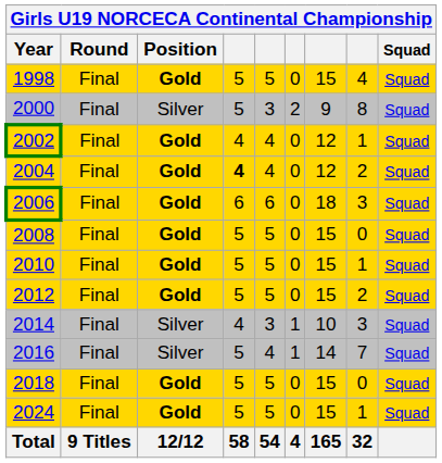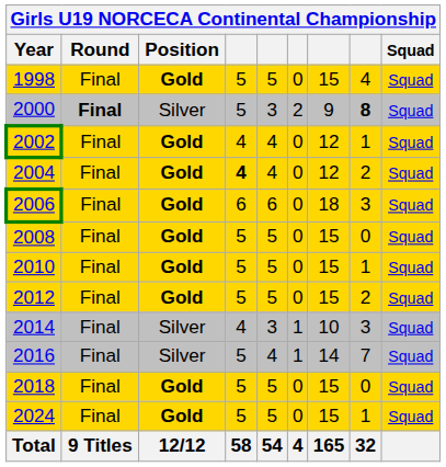 <table class="wikitable" style="text-align: center;">
 <tr>
 <th colspan=9><a href='#'>Girls U19 NORCECA Continental Championship</a></th>
 </tr>
 <tr>
 <th>Year</th>
 <th>Round</th>
 <th>Position</th>
 <th></th>
 <th></th>
 <th></th>
 <th></th>
 <th></th>
 <th><small>Squad</small></th>
 </tr>
 <tr bgcolor=gold>
 <td> <a href='#'>1998</a></td>
 <td>Final</td>
 <td><strong>Gold</strong></td>
 <td>5</td>
 <td>5</td>
 <td>0</td>
 <td>15</td>
 <td>4</td>
 <td><small><a href='#'>Squad</a></small></td>
 </tr>
 <tr bgcolor=silver>
 <td> <a href='#'>2000</a></td>
-<td>Final</td>
+<td><strong>Final</strong></td>
 <td>Silver</td>
 <td>5</td>
 <td>3</td>
 <td>2</td>
 <td>9</td>
-<td>8</td>
+<td><strong>8</strong></td>
 <td><small><a href='#'>Squad</a></small></td>
 </tr>
 <tr bgcolor=gold>
 <td style="border:3px solid green"> <a href='#'>2002</a></td>
 <td>Final</td>
 <td><strong>Gold</strong></td>
 <td>4</td>
 <td>4</td>
 <td>0</td>
 <td>12</td>
 <td>1</td>
 <td><small><a href='#'>Squad</a></small></td>
 </tr>
 <tr bgcolor=gold>
 <td> <a href='#'>2004</a></td>
 <td>Final</td>
 <td><strong>Gold</strong></td>
 <td><strong>4</strong></td>
 <td>4</td>
 <td>0</td>
 <td>12</td>
 <td>2</td>
 <td><small><a href='#'>Squad</a></small></td>
 </tr>
 <tr bgcolor=gold>
 <td style="border:3px solid green"> <a href='#'>2006</a></td>
 <td>Final</td>
 <td><strong>Gold</strong></td>
 <td>6</td>
 <td>6</td>
 <td>0</td>
 <td>18</td>
 <td>3</td>
 <td><small><a href='#'>Squad</a></small></td>
 </tr>
 <tr bgcolor=gold>
 <td> <a href='#'>2008</a></td>
 <td>Final</td>
 <td><strong>Gold</strong></td>
 <td>5</td>
 <td>5</td>
 <td>0</td>
 <td>15</td>
 <td>0</td>
 <td><small><a href='#'>Squad</a></small></td>
 </tr>
 <tr bgcolor=gold>
 <td> <a href='#'>2010</a></td>
 <td>Final</td>
 <td><strong>Gold</strong></td>
 <td>5</td>
 <td>5</td>
 <td>0</td>
 <td>15</td>
 <td>1</td>
 <td><small><a href='#'>Squad</a></small></td>
 </tr>
 <tr bgcolor=gold>
 <td> <a href='#'>2012</a></td>
 <td>Final</td>
 <td><strong>Gold</strong></td>
 <td>5</td>
 <td>5</td>
 <td>0</td>
 <td>15</td>
 <td>2</td>
 <td><small><a href='#'>Squad</a></small></td>
 </tr>
 <tr bgcolor=silver>
 <td> <a href='#'>2014</a></td>
 <td>Final</td>
 <td>Silver</td>
 <td>4</td>
 <td>3</td>
 <td>1</td>
 <td>10</td>
 <td>3</td>
 <td><small><a href='#'>Squad</a></small></td>
 </tr>
 <tr bgcolor=silver>
 <td> <a href='#'>2016</a></td>
 <td>Final</td>
 <td>Silver</td>
 <td>5</td>
 <td>4</td>
 <td>1</td>
 <td>14</td>
 <td>7</td>
 <td><small> <a href='#'>Squad</a></small></td>
 </tr>
 <tr bgcolor=gold>
 <td> <a href='#'>2018</a></td>
 <td>Final</td>
 <td><strong>Gold</strong></td>
 <td>5</td>
 <td>5</td>
 <td>0</td>
 <td>15</td>
 <td>0</td>
 <td><small> <a href='#'>Squad</a></small></td>
 </tr>
 <tr bgcolor=gold>
 <td> <a href='#'>2024</a></td>
 <td>Final</td>
 <td><strong>Gold</strong></td>
 <td>5</td>
 <td>5</td>
 <td>0</td>
 <td>15</td>
 <td>1</td>
 <td><small> <a href='#'>Squad</a></small></td>
 </tr>
 <tr>
 <th>Total</th>
 <th>9 Titles</th>
 <th>12/12</th>
 <th>58</th>
 <th>54</th>
 <th>4</th>
 <th>165</th>
 <th>32</th>
 <th></th>
 </tr>
 </table>
